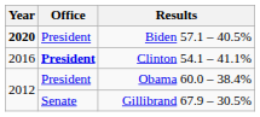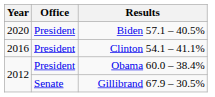 <table class=wikitable>
 <tr>
 <th width="30">Year</th>
 <th width="60">Office</th>
 <th width="180">Results</th>
 </tr>
 <tr>
-<td><strong>2020</strong></td>
+<td>2020</td>
 <td><a href='#'>President</a></td>
 <td align="right" ><a href='#'>Biden</a> 57.1 – 40.5%</td>
 </tr>
 <tr>
 <td>2016</td>
-<td><strong><a href='#'>President</a></strong></td>
+<td><a href='#'>President</a></td>
 <td align="right" ><a href='#'>Clinton</a> 54.1 – 41.1%</td>
 </tr>
 <tr>
 <td rowspan="2">2012</td>
 <td><a href='#'>President</a></td>
 <td align="right" ><a href='#'>Obama</a> 60.0 – 38.4%</td>
 </tr>
 <tr>
 <td><a href='#'>Senate</a></td>
 <td align="right" ><a href='#'>Gillibrand</a> 67.9 – 30.5%</td>
 </tr>
 </table>
